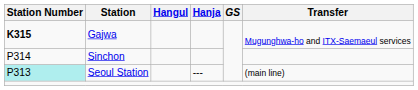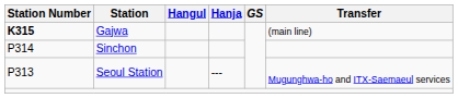 <table class="wikitable">
 <tr>
 <th>Station Number</th>
 <th>Station</th>
 <th><a href='#'>Hangul</a></th>
 <th><a href='#'>Hanja</a></th>
 <th><span><em>GS</em></span></th>
 <th>Transfer</th>
 </tr>
 <tr>
 <td><strong>K315</strong></td>
 <td><a href='#'>Gajwa</a></td>
 <td></td>
 <td></td>
 <td rowspan = "3"></td>
-<td>  <br> <small><a href='#'>Mugunghwa-ho</a> and <a href='#'>ITX-Saemaeul</a> services</small><br></td>
+<td> <small>(main line)</small></td>
 </tr>
 <tr>
 <td>P314</td>
 <td><a href='#'>Sinchon</a></td>
 <td></td>
 <td></td>
 <td></td>
 </tr>
 <tr>
-<td style="background: paleturquoise;">P313</td>
+<td>P313</td>
 <td><a href='#'>Seoul Station</a></td>
 <td></td>
 <td>---</td>
-<td> <small>(main line)</small></td>
+<td>  <br> <small><a href='#'>Mugunghwa-ho</a> and <a href='#'>ITX-Saemaeul</a> services</small><br></td>
 </tr>
 <tr style="background:#">
 <td colspan = "8"></td>
 </tr>
 </table>
